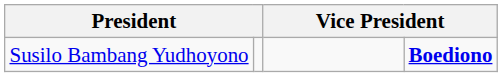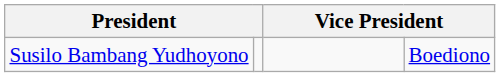 <table class="wikitable">
 <tr>
 <th colspan="2">President</th>
 <th colspan="2">Vice President</th>
 </tr>
 <tr>
 <td align="right"><a href='#'>Susilo Bambang Yudhoyono</a></td>
 <td align="right"></td>
 <td align="left" width=100></td>
-<td align="left"><strong><a href='#'>Boediono</a></strong></td>
+<td align="left"><a href='#'>Boediono</a></td>
 </tr>
 </table>
